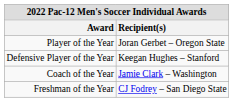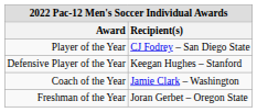 <table class="wikitable" style="white-space:nowrap; font-size:90%;">
 <tr>
 <td colspan="7" style="text-align:center; background:#ddd;"><strong>2022 Pac-12 Men's Soccer Individual Awards</strong></td>
 </tr>
 <tr>
 <th style="text-align:right;">Award</th>
 <th style="text-align:left;">Recipient(s)</th>
 </tr>
 <tr>
 <td style="text-align:right;">Player of the Year</td>
-<td style="text-align:left;">Joran Gerbet – Oregon State</td>
+<td style="text-align:left;"><a href='#'>CJ Fodrey</a> – San Diego State</td>
 </tr>
 <tr>
 <td style="text-align:right;">Defensive Player of the Year</td>
 <td style="text-align:left;">Keegan Hughes – Stanford</td>
 </tr>
 <tr>
 <td style="text-align:right;">Coach of the Year</td>
 <td style="text-align:left;"><a href='#'>Jamie Clark</a> – Washington</td>
 </tr>
 <tr>
 <td style="text-align:right;">Freshman of the Year</td>
-<td style="text-align:left;"><a href='#'>CJ Fodrey</a> – San Diego State</td>
+<td style="text-align:left;">Joran Gerbet – Oregon State</td>
 </tr>
 </table>
